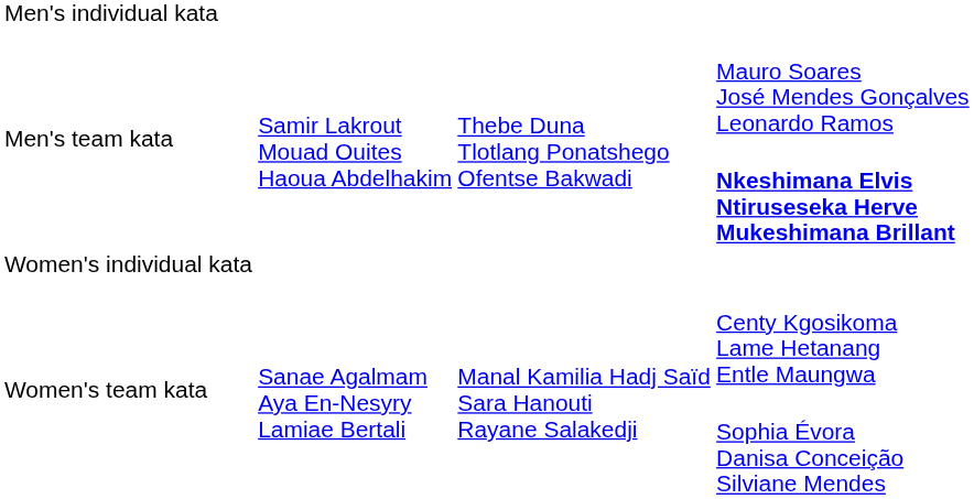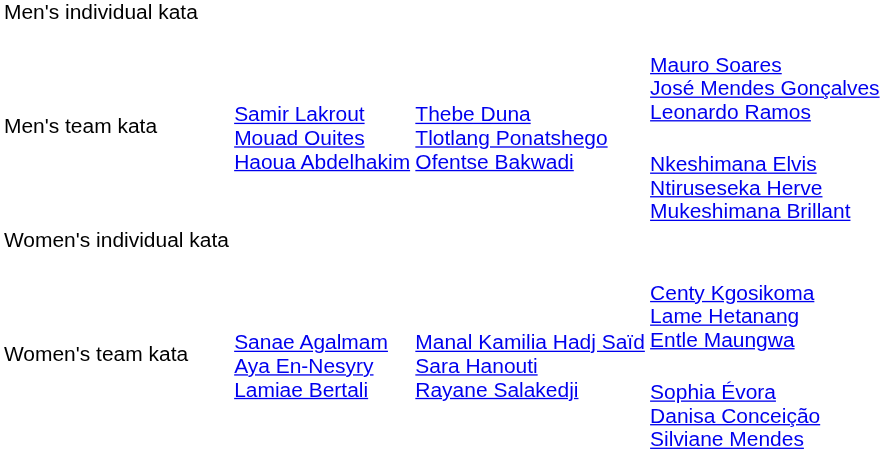 <table>
 <tr>
 <td rowspan=2>Men's individual kata</td>
 <td rowspan=2></td>
 <td rowspan=2></td>
 <td></td>
 </tr>
 <tr>
 <td></td>
 </tr>
 <tr>
 <td rowspan=2>Men's team kata</td>
 <td rowspan=2><br><a href='#'>Samir Lakrout</a><br><a href='#'>Mouad Ouites</a><br><a href='#'>Haoua Abdelhakim</a></td>
 <td rowspan=2><br><a href='#'>Thebe Duna</a><br><a href='#'>Tlotlang Ponatshego</a><br><a href='#'>Ofentse Bakwadi</a></td>
 <td><br><a href='#'>Mauro Soares</a><br><a href='#'>José Mendes Gonçalves</a><br><a href='#'>Leonardo Ramos</a></td>
 </tr>
 <tr>
-<td><strong><br><a href='#'>Nkeshimana Elvis</a><br><a href='#'>Ntiruseseka Herve</a><br><a href='#'>Mukeshimana Brillant</a></strong></td>
+<td><br><a href='#'>Nkeshimana Elvis</a><br><a href='#'>Ntiruseseka Herve</a><br><a href='#'>Mukeshimana Brillant</a></td>
 </tr>
 <tr>
 <td rowspan=2>Women's individual kata</td>
 <td rowspan=2></td>
 <td rowspan=2></td>
 <td></td>
 </tr>
 <tr>
 <td></td>
 </tr>
 <tr>
 <td rowspan=2>Women's team kata</td>
 <td rowspan=2><br><a href='#'>Sanae Agalmam</a><br><a href='#'>Aya En-Nesyry</a><br><a href='#'>Lamiae Bertali</a></td>
 <td rowspan=2><br><a href='#'>Manal Kamilia Hadj Saïd</a><br><a href='#'>Sara Hanouti</a><br><a href='#'>Rayane Salakedji</a></td>
 <td><br><a href='#'>Centy Kgosikoma</a><br><a href='#'>Lame Hetanang</a><br><a href='#'>Entle Maungwa</a></td>
 </tr>
 <tr>
 <td><br><a href='#'>Sophia Évora</a><br><a href='#'>Danisa Conceição</a><br><a href='#'>Silviane Mendes</a></td>
 </tr>
 </table>
